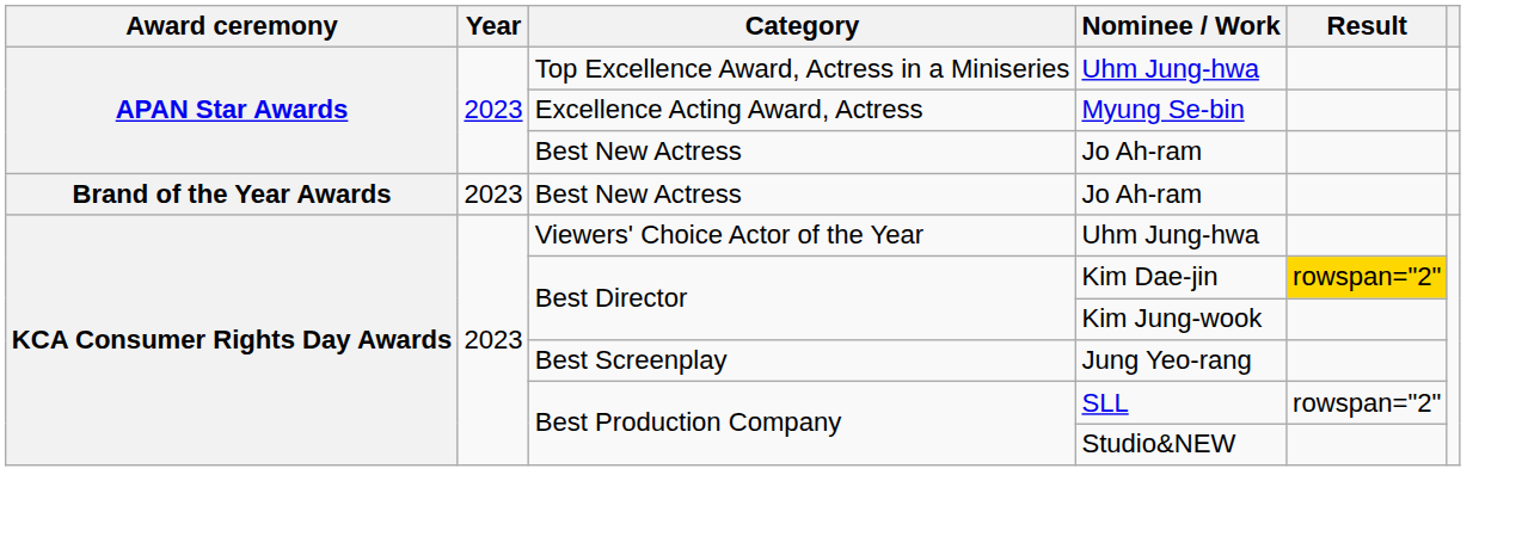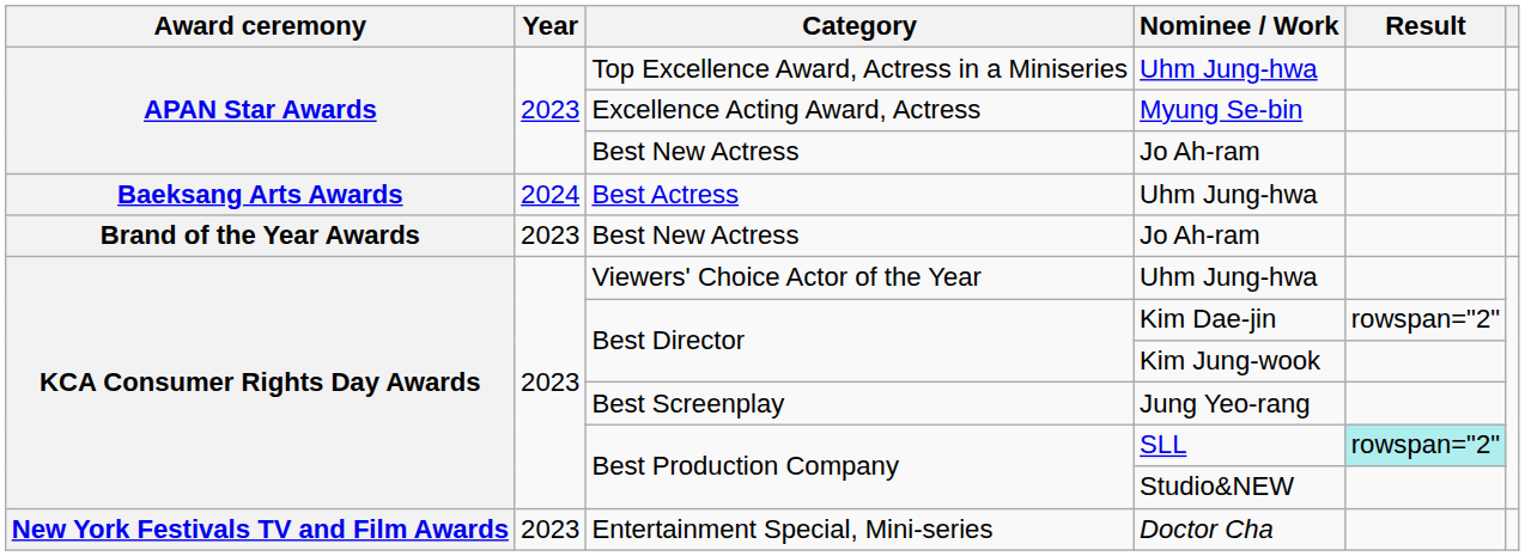 <table class="wikitable plainrowheaders sortable">
 <tr>
 <th scope="col">Award ceremony</th>
 <th scope="col">Year</th>
 <th scope="col">Category</th>
 <th scope="col">Nominee / Work</th>
 <th scope="col">Result</th>
 <th scope="col" class="unsortable"></th>
 </tr>
 <tr>
 <th rowspan="3" scope="row"><a href='#'>APAN Star Awards</a></th>
 <td rowspan="3" style="text-align:center"><a href='#'>2023</a></td>
 <td>Top Excellence Award, Actress in a Miniseries</td>
 <td><a href='#'>Uhm Jung-hwa</a></td>
 <td></td>
 <td style="text-align:center"></td>
 </tr>
 <tr>
 <td>Excellence Acting Award, Actress</td>
 <td><a href='#'>Myung Se-bin</a></td>
 <td></td>
 <td style="text-align:center"></td>
 </tr>
 <tr>
 <td>Best New Actress</td>
 <td>Jo Ah-ram</td>
 <td></td>
 <td style="text-align:center"></td>
 </tr>
 <tr>
+<th scope="row"><a href='#'>Baeksang Arts Awards</a></th>
+<td style="text-align:center"><a href='#'>2024</a></td>
+<td><a href='#'>Best Actress</a></td>
+<td>Uhm Jung-hwa</td>
+<td></td>
+<td style="text-align:center"></td>
+</tr>
+<tr>
 <th scope="row">Brand of the Year Awards</th>
 <td style="text-align:center">2023</td>
 <td>Best New Actress</td>
 <td>Jo Ah-ram</td>
 <td></td>
 <td style="text-align:center"></td>
 </tr>
 <tr>
 <th scope="row" rowspan="6">KCA Consumer Rights Day Awards</th>
 <td style="text-align:center" rowspan="6">2023</td>
 <td>Viewers' Choice Actor of the Year</td>
 <td>Uhm Jung-hwa</td>
 <td></td>
 <td style="text-align:center" rowspan="6"></td>
 </tr>
 <tr>
 <td rowspan="2">Best Director</td>
 <td>Kim Dae-jin</td>
-<td style="background: gold;">rowspan="2" </td>
+<td>rowspan="2" </td>
 </tr>
 <tr>
 <td>Kim Jung-wook</td>
 </tr>
 <tr>
 <td>Best Screenplay</td>
 <td>Jung Yeo-rang</td>
 <td></td>
 </tr>
 <tr>
 <td rowspan="2">Best Production Company</td>
 <td><a href='#'>SLL</a></td>
-<td>rowspan="2" </td>
+<td style="background: paleturquoise;">rowspan="2" </td>
 </tr>
 <tr>
 <td>Studio&NEW</td>
 </tr>
+<tr>
+<th scope="row"><a href='#'>New York Festivals TV and Film Awards</a></th>
+<td style="text-align:center">2023</td>
+<td>Entertainment Special, Mini-series</td>
+<td><em>Doctor Cha</em></td>
+<td></td>
+<td style="text-align:center"></td>
+</tr>
 </table>
